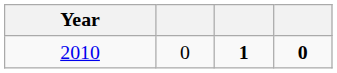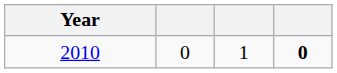 <table class="wikitable" width=30% style="font-size:100%; text-align:center;">
 <tr>
 <th>Year</th>
 <th></th>
 <th></th>
 <th></th>
 </tr>
 <tr>
 <td><a href='#'>2010</a></td>
 <td>0</td>
-<td><strong>1</strong></td>
+<td>1</td>
 <td><strong>0</strong></td>
 </tr>
 </table>
